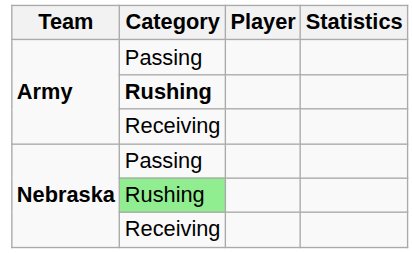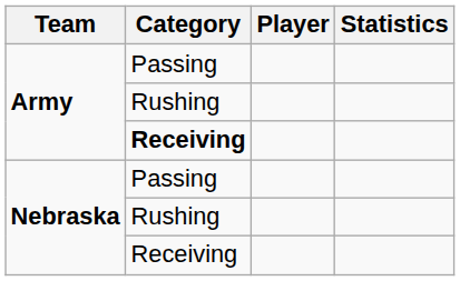 <table class="wikitable" style="float: right;">
 <tr>
 <th>Team</th>
 <th>Category</th>
 <th>Player</th>
 <th>Statistics</th>
 </tr>
 <tr>
 <td rowspan=3><strong>Army</strong></td>
 <td>Passing</td>
 <td></td>
 <td></td>
 </tr>
 <tr>
-<td><strong>Rushing</strong></td>
+<td>Rushing</td>
 <td></td>
 <td></td>
 </tr>
 <tr>
-<td>Receiving</td>
+<td><strong>Receiving</strong></td>
 <td></td>
 <td></td>
 </tr>
 <tr>
 <td rowspan=3><strong>Nebraska</strong></td>
 <td>Passing</td>
 <td></td>
 <td></td>
 </tr>
 <tr>
-<td style="background: lightgreen;">Rushing</td>
+<td>Rushing</td>
 <td></td>
 <td></td>
 </tr>
 <tr>
 <td>Receiving</td>
 <td></td>
 <td></td>
 </tr>
 </table>
